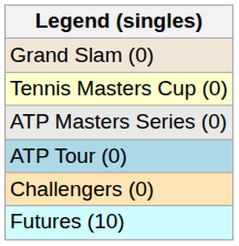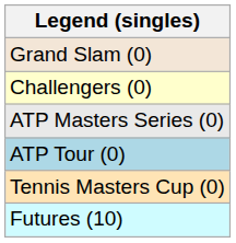 <table class="wikitable">
 <tr>
 <th>Legend (singles)</th>
 </tr>
 <tr bgcolor="#f3e6d7">
 <td>Grand Slam (0)</td>
 </tr>
 <tr bgcolor="ffffcc">
-<td>Tennis Masters Cup (0)</td>
+<td>Challengers (0)</td>
 </tr>
 <tr bgcolor="#e9e9e9">
 <td>ATP Masters Series (0)</td>
 </tr>
 <tr>
 <td style="background: lightblue;">ATP Tour (0)</td>
 </tr>
 <tr bgcolor="moccasin">
-<td>Challengers (0)</td>
+<td>Tennis Masters Cup (0)</td>
 </tr>
 <tr bgcolor="CFFCFF">
 <td>Futures (10)</td>
 </tr>
 </table>
